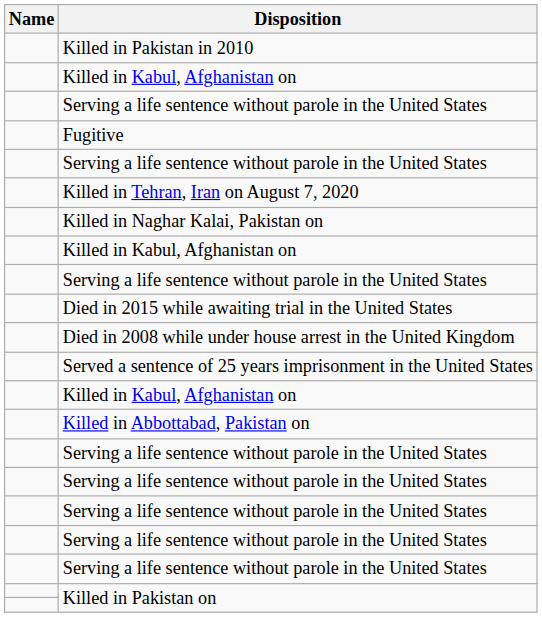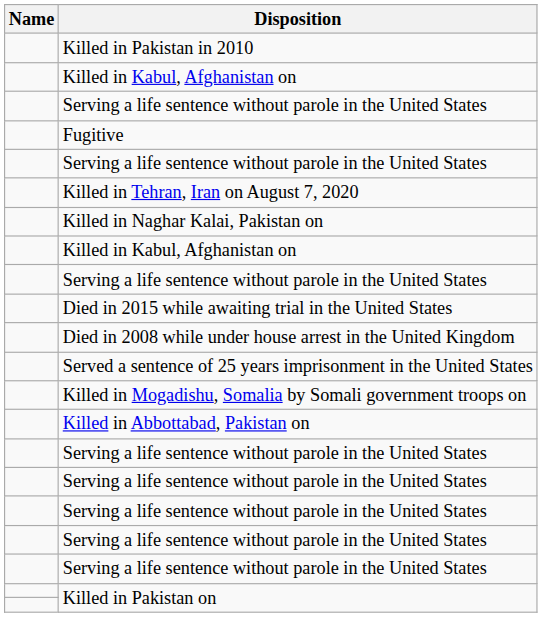 <table class="wikitable sortable">
 <tr>
 <th>Name</th>
 <th>Disposition</th>
 </tr>
 <tr>
 <td></td>
 <td>Killed in Pakistan in 2010</td>
 </tr>
 <tr>
 <td></td>
 <td>Killed in <a href='#'>Kabul</a>, <a href='#'>Afghanistan</a> on </td>
 </tr>
 <tr>
 <td></td>
 <td>Serving a life sentence without parole in the United States</td>
 </tr>
 <tr>
 <td></td>
 <td>Fugitive</td>
 </tr>
 <tr>
 <td></td>
 <td>Serving a life sentence without parole in the United States</td>
 </tr>
 <tr>
 <td></td>
 <td>Killed in <a href='#'>Tehran</a>, <a href='#'>Iran</a> on August 7, 2020</td>
 </tr>
 <tr>
 <td></td>
 <td>Killed in Naghar Kalai, Pakistan on </td>
 </tr>
 <tr>
 <td></td>
 <td>Killed in Kabul, Afghanistan on </td>
 </tr>
 <tr>
 <td></td>
 <td>Serving a life sentence without parole in the United States</td>
 </tr>
 <tr>
 <td></td>
 <td>Died in 2015 while awaiting trial in the United States</td>
 </tr>
 <tr>
 <td></td>
 <td>Died in 2008 while under house arrest in the United Kingdom</td>
 </tr>
 <tr>
 <td></td>
 <td>Served a sentence of 25 years imprisonment in the United States</td>
 </tr>
 <tr>
 <td></td>
-<td>Killed in <a href='#'>Kabul</a>, <a href='#'>Afghanistan</a> on </td>
+<td>Killed in <a href='#'>Mogadishu</a>, <a href='#'>Somalia</a> by Somali government troops on </td>
 </tr>
 <tr>
 <td></td>
 <td><a href='#'>Killed</a> in <a href='#'>Abbottabad</a>, <a href='#'>Pakistan</a> on </td>
 </tr>
 <tr>
 <td></td>
 <td>Serving a life sentence without parole in the United States</td>
 </tr>
 <tr>
 <td></td>
 <td>Serving a life sentence without parole in the United States</td>
 </tr>
 <tr>
 <td></td>
 <td>Serving a life sentence without parole in the United States</td>
 </tr>
 <tr>
 <td></td>
 <td>Serving a life sentence without parole in the United States</td>
 </tr>
 <tr>
 <td></td>
 <td>Serving a life sentence without parole in the United States</td>
 </tr>
 <tr>
 <td></td>
 <td rowspan="2">Killed in Pakistan on </td>
 </tr>
 <tr>
 <td></td>
 </tr>
 </table>
